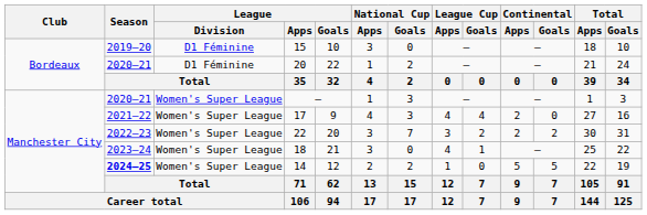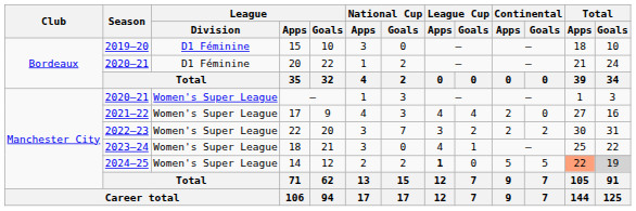 <table class="wikitable" style="text-align: center">
 <tr>
 <th rowspan="2">Club</th>
 <th rowspan="2">Season</th>
 <th colspan="3">League</th>
 <th colspan="2">National Cup</th>
 <th colspan="2">League Cup</th>
 <th colspan="2">Continental</th>
 <th colspan="2">Total</th>
 </tr>
 <tr>
 <th>Division</th>
 <th>Apps</th>
 <th>Goals</th>
 <th>Apps</th>
 <th>Goals</th>
 <th>Apps</th>
 <th>Goals</th>
 <th>Apps</th>
 <th>Goals</th>
 <th>Apps</th>
 <th>Goals</th>
 </tr>
 <tr>
 <td rowspan="3"><a href='#'>Bordeaux</a></td>
 <td><a href='#'>2019–20</a></td>
 <td><a href='#'>D1 Féminine</a></td>
 <td>15</td>
 <td>10</td>
 <td>3</td>
 <td>0</td>
 <td colspan="2">—</td>
 <td colspan="2">—</td>
 <td>18</td>
 <td>10</td>
 </tr>
 <tr>
 <td><a href='#'>2020–21</a></td>
 <td>D1 Féminine</td>
 <td>20</td>
 <td>22</td>
 <td>1</td>
 <td>2</td>
 <td colspan="2">—</td>
 <td colspan="2">—</td>
 <td>21</td>
 <td>24</td>
 </tr>
 <tr>
 <th colspan="2">Total</th>
 <th>35</th>
 <th>32</th>
 <th>4</th>
 <th>2</th>
 <th>0</th>
 <th>0</th>
 <th>0</th>
 <th>0</th>
 <th>39</th>
 <th>34</th>
 </tr>
 <tr>
 <td rowspan="6"><a href='#'>Manchester City</a></td>
 <td><a href='#'>2020–21</a></td>
 <td><a href='#'>Women's Super League</a></td>
 <td colspan="2">—</td>
 <td>1</td>
 <td>3</td>
 <td colspan="2">—</td>
 <td colspan="2">—</td>
 <td>1</td>
 <td>3</td>
 </tr>
 <tr>
 <td><a href='#'>2021–22</a></td>
 <td>Women's Super League</td>
 <td>17</td>
 <td>9</td>
 <td>4</td>
 <td>3</td>
 <td>4</td>
 <td>4</td>
 <td>2</td>
 <td>0</td>
 <td>27</td>
 <td>16</td>
 </tr>
 <tr>
 <td><a href='#'>2022–23</a></td>
 <td>Women's Super League</td>
 <td>22</td>
 <td>20</td>
 <td>3</td>
 <td>7</td>
 <td>3</td>
 <td>2</td>
 <td>2</td>
 <td>2</td>
 <td>30</td>
 <td>31</td>
 </tr>
 <tr>
 <td><a href='#'>2023–24</a></td>
 <td>Women's Super League</td>
 <td>18</td>
 <td>21</td>
 <td>3</td>
 <td>0</td>
 <td>4</td>
 <td>1</td>
 <td colspan="2">—</td>
 <td>25</td>
 <td>22</td>
 </tr>
 <tr>
-<td><strong><a href='#'>2024–25</a></strong></td>
+<td><a href='#'>2024–25</a></td>
 <td>Women's Super League</td>
 <td>14</td>
 <td>12</td>
 <td>2</td>
 <td>2</td>
-<td>1</td>
+<td><strong>1</strong></td>
 <td>0</td>
 <td>5</td>
 <td>5</td>
-<td>22</td>
-<td>19</td>
+<td style="background: lightsalmon;">22</td>
+<td style="background: lightgrey;">19</td>
 </tr>
 <tr>
 <th colspan="2">Total</th>
 <th>71</th>
 <th>62</th>
 <th>13</th>
 <th>15</th>
 <th>12</th>
 <th>7</th>
 <th>9</th>
 <th>7</th>
 <th>105</th>
 <th>91</th>
 </tr>
 <tr>
 <th colspan="3">Career total</th>
 <th>106</th>
 <th>94</th>
 <th>17</th>
 <th>17</th>
 <th>12</th>
 <th>7</th>
 <th>9</th>
 <th>7</th>
 <th>144</th>
 <th>125</th>
 </tr>
 </table>
